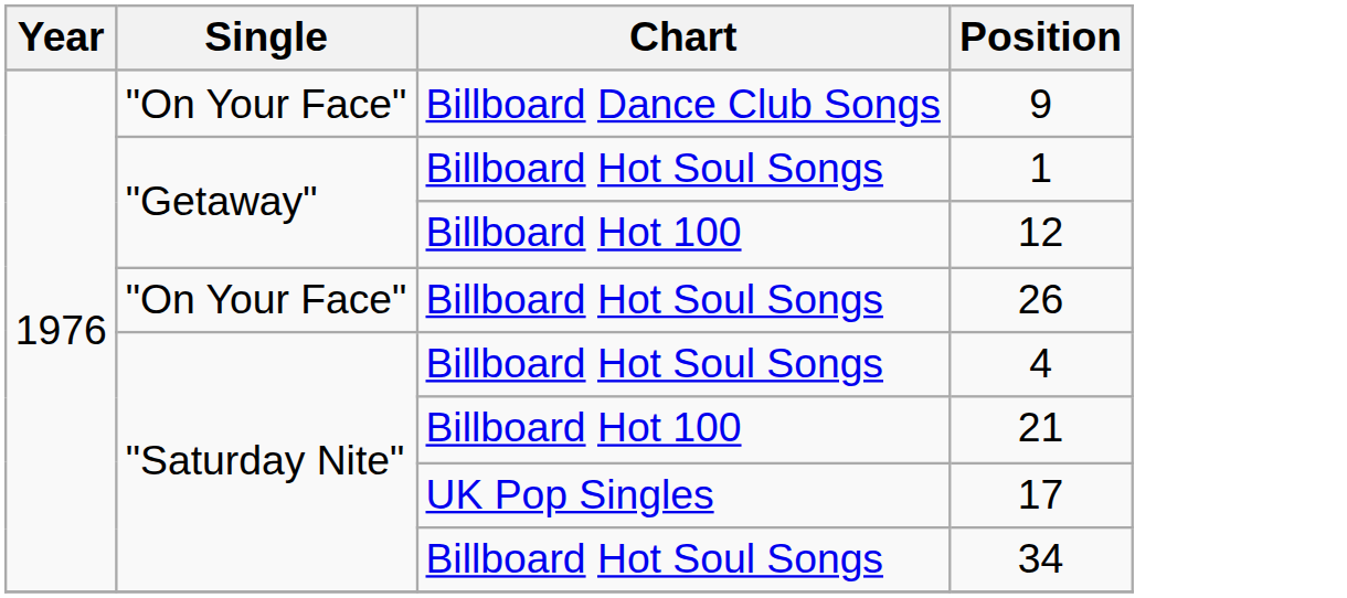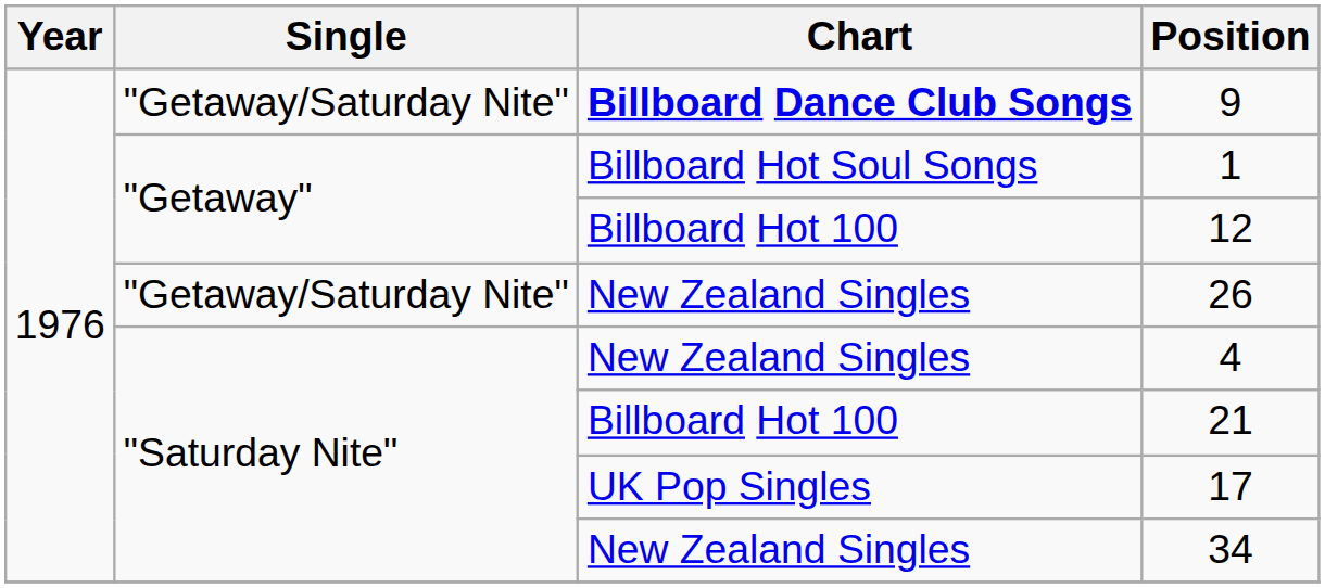 <table class="wikitable">
 <tr>
 <th>Year</th>
 <th>Single</th>
 <th>Chart</th>
 <th>Position</th>
 </tr>
 <tr>
 <td rowspan="8">1976</td>
-<td>"On Your Face"</td>
-<td><a href='#'>Billboard</a> <a href='#'>Dance Club Songs</a></td>
+<td>"Getaway/Saturday Nite"</td>
+<td><strong><a href='#'>Billboard</a> <a href='#'>Dance Club Songs</a></strong></td>
 <td style="text-align:center;">9</td>
 </tr>
 <tr>
 <td rowspan="2">"Getaway"</td>
 <td><a href='#'>Billboard</a> <a href='#'>Hot Soul Songs</a></td>
 <td style="text-align:center;">1</td>
 </tr>
 <tr>
 <td><a href='#'>Billboard</a> <a href='#'>Hot 100</a></td>
 <td style="text-align:center;">12</td>
 </tr>
 <tr>
-<td>"On Your Face"</td>
-<td><a href='#'>Billboard</a> <a href='#'>Hot Soul Songs</a></td>
+<td>"Getaway/Saturday Nite"</td>
+<td><a href='#'>New Zealand Singles</a></td>
 <td style="text-align:center;">26</td>
 </tr>
 <tr>
 <td rowspan="4">"Saturday Nite"</td>
-<td><a href='#'>Billboard</a> <a href='#'>Hot Soul Songs</a></td>
+<td><a href='#'>New Zealand Singles</a></td>
 <td style="text-align:center;">4</td>
 </tr>
 <tr>
 <td><a href='#'>Billboard</a> <a href='#'>Hot 100</a></td>
 <td style="text-align:center;">21</td>
 </tr>
 <tr>
 <td><a href='#'>UK Pop Singles</a></td>
 <td style="text-align:center;">17</td>
 </tr>
 <tr>
-<td><a href='#'>Billboard</a> <a href='#'>Hot Soul Songs</a></td>
+<td><a href='#'>New Zealand Singles</a></td>
 <td style="text-align:center;">34</td>
 </tr>
 <tr>
 </tr>
 </table>
